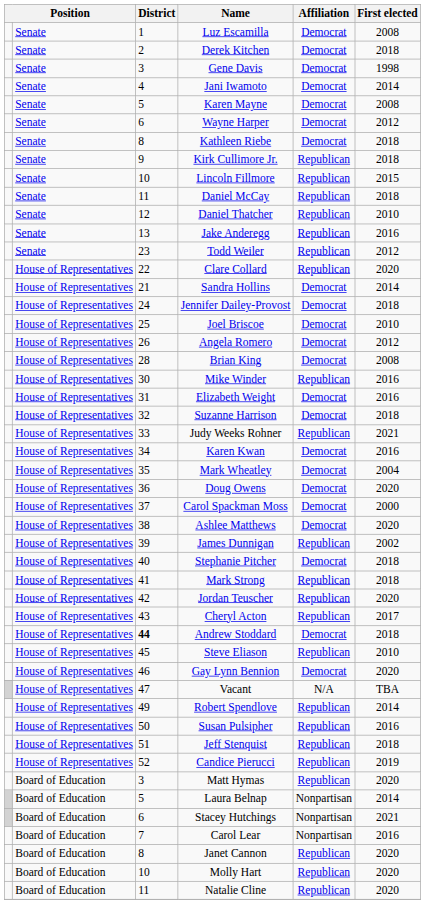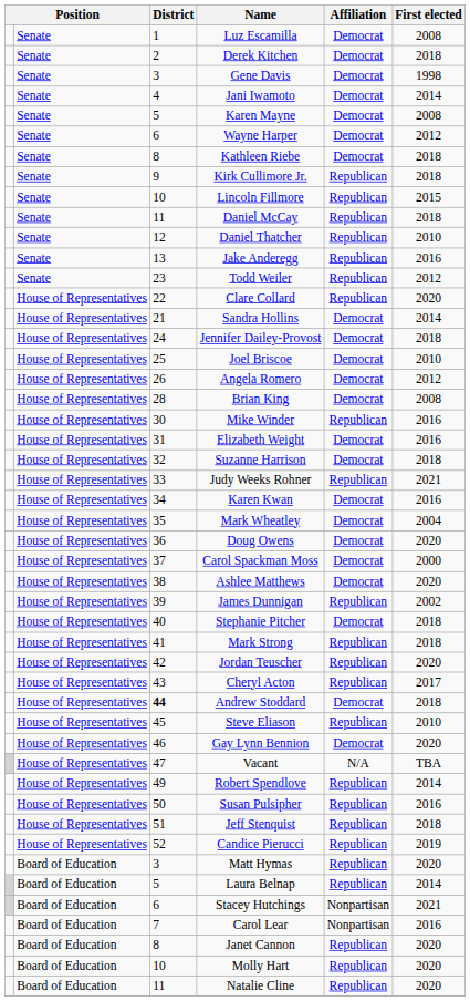 <table class="wikitable sortable">
 <tr>
 <th colspan="2" style="text-align:center; vertical-align:bottom;">Position</th>
 <th>District</th>
 <th style="text-align:center;">Name</th>
 <th valign="bottom">Affiliation</th>
 <th style="vertical-align:bottom; text-align:center;">First elected</th>
 </tr>
 <tr>
 <td style="background-color:"> </td>
 <td><a href='#'>Senate</a></td>
 <td>1</td>
 <td style="text-align:center;"><a href='#'>Luz Escamilla</a></td>
 <td style="text-align:center;"><a href='#'>Democrat</a></td>
 <td style="text-align:center;">2008</td>
 </tr>
 <tr>
 <td style="background-color:"> </td>
 <td><a href='#'>Senate</a></td>
 <td>2</td>
 <td style="text-align:center;"><a href='#'>Derek Kitchen</a></td>
 <td style="text-align:center;"><a href='#'>Democrat</a></td>
 <td style="text-align:center;">2018</td>
 </tr>
 <tr>
 <td style="background-color:"> </td>
 <td><a href='#'>Senate</a></td>
 <td>3</td>
 <td style="text-align:center;"><a href='#'>Gene Davis</a></td>
 <td style="text-align:center;"><a href='#'>Democrat</a></td>
 <td style="text-align:center;">1998</td>
 </tr>
 <tr>
 <td style="background-color:"> </td>
 <td><a href='#'>Senate</a></td>
 <td>4</td>
 <td style="text-align:center;"><a href='#'>Jani Iwamoto</a></td>
 <td style="text-align:center;"><a href='#'>Democrat</a></td>
 <td style="text-align:center;">2014</td>
 </tr>
 <tr>
 <td style="background-color:"> </td>
 <td><a href='#'>Senate</a></td>
 <td>5</td>
 <td style="text-align:center;"><a href='#'>Karen Mayne</a></td>
 <td style="text-align:center;"><a href='#'>Democrat</a></td>
 <td style="text-align:center;">2008</td>
 </tr>
 <tr>
 <td style="background-color:"> </td>
 <td><a href='#'>Senate</a></td>
 <td>6</td>
 <td style="text-align:center;"><a href='#'>Wayne Harper</a></td>
 <td style="text-align:center;"><a href='#'>Democrat</a></td>
 <td style="text-align:center;">2012</td>
 </tr>
 <tr>
 <td style="background-color:"> </td>
 <td><a href='#'>Senate</a></td>
 <td>8</td>
 <td style="text-align:center;"><a href='#'>Kathleen Riebe</a></td>
 <td style="text-align:center;"><a href='#'>Democrat</a></td>
 <td style="text-align:center;">2018</td>
 </tr>
 <tr>
 <td style="background-color:"> </td>
 <td><a href='#'>Senate</a></td>
 <td>9</td>
 <td style="text-align:center;"><a href='#'>Kirk Cullimore Jr.</a></td>
 <td style="text-align:center;"><a href='#'>Republican</a></td>
 <td style="text-align:center;">2018</td>
 </tr>
 <tr>
 <td style="background-color:"> </td>
 <td><a href='#'>Senate</a></td>
 <td>10</td>
 <td style="text-align:center;"><a href='#'>Lincoln Fillmore</a></td>
 <td style="text-align:center;"><a href='#'>Republican</a></td>
 <td style="text-align:center;">2015</td>
 </tr>
 <tr>
 <td style="background-color:"> </td>
 <td><a href='#'>Senate</a></td>
 <td>11</td>
 <td style="text-align:center;"><a href='#'>Daniel McCay</a></td>
 <td style="text-align:center;"><a href='#'>Republican</a></td>
 <td style="text-align:center;">2018</td>
 </tr>
 <tr>
 <td style="background-color:"> </td>
 <td><a href='#'>Senate</a></td>
 <td>12</td>
 <td style="text-align:center;"><a href='#'>Daniel Thatcher</a></td>
 <td style="text-align:center;"><a href='#'>Republican</a></td>
 <td style="text-align:center;">2010</td>
 </tr>
 <tr>
 <td style="background-color:"> </td>
 <td><a href='#'>Senate</a></td>
 <td>13</td>
 <td style="text-align:center;"><a href='#'>Jake Anderegg</a></td>
 <td style="text-align:center;"><a href='#'>Republican</a></td>
 <td style="text-align:center;">2016</td>
 </tr>
 <tr>
 <td style="background-color:"> </td>
 <td><a href='#'>Senate</a></td>
 <td>23</td>
 <td style="text-align:center;"><a href='#'>Todd Weiler</a></td>
 <td style="text-align:center;"><a href='#'>Republican</a></td>
 <td style="text-align:center;">2012</td>
 </tr>
 <tr>
 <td style="background-color:"> </td>
 <td><a href='#'>House of Representatives</a></td>
 <td>22</td>
 <td style="text-align:center;"><a href='#'>Clare Collard</a></td>
 <td style="text-align:center;"><a href='#'>Republican</a></td>
 <td style="text-align:center;">2020</td>
 </tr>
 <tr>
 <td style="background-color:"> </td>
 <td><a href='#'>House of Representatives</a></td>
 <td>21</td>
 <td style="text-align:center;"><a href='#'>Sandra Hollins</a></td>
 <td style="text-align:center;"><a href='#'>Democrat</a></td>
 <td style="text-align:center;">2014</td>
 </tr>
 <tr>
 <td style="background-color:"> </td>
 <td><a href='#'>House of Representatives</a></td>
 <td>24</td>
 <td style="text-align:center;"><a href='#'>Jennifer Dailey-Provost</a></td>
 <td style="text-align:center;"><a href='#'>Democrat</a></td>
 <td style="text-align:center;">2018</td>
 </tr>
 <tr>
 <td style="background-color:"> </td>
 <td><a href='#'>House of Representatives</a></td>
 <td>25</td>
 <td style="text-align:center;"><a href='#'>Joel Briscoe</a></td>
 <td style="text-align:center;"><a href='#'>Democrat</a></td>
 <td style="text-align:center;">2010</td>
 </tr>
 <tr>
 <td style="background-color:"> </td>
 <td><a href='#'>House of Representatives</a></td>
 <td>26</td>
 <td style="text-align:center;"><a href='#'>Angela Romero</a></td>
 <td style="text-align:center;"><a href='#'>Democrat</a></td>
 <td style="text-align:center;">2012</td>
 </tr>
 <tr>
 <td style="background-color:"> </td>
 <td><a href='#'>House of Representatives</a></td>
 <td>28</td>
 <td style="text-align:center;"><a href='#'>Brian King</a></td>
 <td style="text-align:center;"><a href='#'>Democrat</a></td>
 <td style="text-align:center;">2008</td>
 </tr>
 <tr>
 <td style="background-color:"> </td>
 <td><a href='#'>House of Representatives</a></td>
 <td>30</td>
 <td style="text-align:center;"><a href='#'>Mike Winder</a></td>
 <td style="text-align:center;"><a href='#'>Republican</a></td>
 <td style="text-align:center;">2016</td>
 </tr>
 <tr>
 <td style="background-color:"> </td>
 <td><a href='#'>House of Representatives</a></td>
 <td>31</td>
 <td style="text-align:center;"><a href='#'>Elizabeth Weight</a></td>
 <td style="text-align:center;"><a href='#'>Democrat</a></td>
 <td style="text-align:center;">2016</td>
 </tr>
 <tr>
 <td style="background-color:"> </td>
 <td><a href='#'>House of Representatives</a></td>
 <td>32</td>
 <td style="text-align:center;"><a href='#'>Suzanne Harrison</a></td>
 <td style="text-align:center;"><a href='#'>Democrat</a></td>
 <td style="text-align:center;">2018</td>
 </tr>
 <tr>
 <td style="background-color:"> </td>
 <td><a href='#'>House of Representatives</a></td>
 <td>33</td>
 <td style="text-align:center;">Judy Weeks Rohner</td>
 <td style="text-align:center;"><a href='#'>Republican</a></td>
 <td style="text-align:center;">2021</td>
 </tr>
 <tr>
 <td style="background-color:"> </td>
 <td><a href='#'>House of Representatives</a></td>
 <td>34</td>
 <td style="text-align:center;"><a href='#'>Karen Kwan</a></td>
 <td style="text-align:center;"><a href='#'>Democrat</a></td>
 <td style="text-align:center;">2016</td>
 </tr>
 <tr>
 <td style="background-color:"> </td>
 <td><a href='#'>House of Representatives</a></td>
 <td>35</td>
 <td style="text-align:center;"><a href='#'>Mark Wheatley</a></td>
 <td style="text-align:center;"><a href='#'>Democrat</a></td>
 <td style="text-align:center;">2004</td>
 </tr>
 <tr>
 <td style="background-color:"> </td>
 <td><a href='#'>House of Representatives</a></td>
 <td>36</td>
 <td style="text-align:center;"><a href='#'>Doug Owens</a></td>
 <td style="text-align:center;"><a href='#'>Democrat</a></td>
 <td style="text-align:center;">2020</td>
 </tr>
 <tr>
 <td style="background-color:"> </td>
 <td><a href='#'>House of Representatives</a></td>
 <td>37</td>
 <td style="text-align:center;"><a href='#'>Carol Spackman Moss</a></td>
 <td style="text-align:center;"><a href='#'>Democrat</a></td>
 <td style="text-align:center;">2000</td>
 </tr>
 <tr>
 <td style="background-color:"> </td>
 <td><a href='#'>House of Representatives</a></td>
 <td>38</td>
 <td style="text-align:center;"><a href='#'>Ashlee Matthews</a></td>
 <td style="text-align:center;"><a href='#'>Democrat</a></td>
 <td style="text-align:center;">2020</td>
 </tr>
 <tr>
 <td style="background-color:"> </td>
 <td><a href='#'>House of Representatives</a></td>
 <td>39</td>
 <td style="text-align:center;"><a href='#'>James Dunnigan</a></td>
 <td style="text-align:center;"><a href='#'>Republican</a></td>
 <td style="text-align:center;">2002</td>
 </tr>
 <tr>
 <td style="background-color:"> </td>
 <td><a href='#'>House of Representatives</a></td>
 <td>40</td>
 <td style="text-align:center;"><a href='#'>Stephanie Pitcher</a></td>
 <td style="text-align:center;"><a href='#'>Democrat</a></td>
 <td style="text-align:center;">2018</td>
 </tr>
 <tr>
 <td style="background-color:"> </td>
 <td><a href='#'>House of Representatives</a></td>
 <td>41</td>
 <td style="text-align:center;"><a href='#'>Mark Strong</a></td>
 <td style="text-align:center;"><a href='#'>Republican</a></td>
 <td style="text-align:center;">2018</td>
 </tr>
 <tr>
 <td style="background-color:"> </td>
 <td><a href='#'>House of Representatives</a></td>
 <td>42</td>
 <td style="text-align:center;"><a href='#'>Jordan Teuscher</a></td>
 <td style="text-align:center;"><a href='#'>Republican</a></td>
 <td style="text-align:center;">2020</td>
 </tr>
 <tr>
 <td style="background-color:"> </td>
 <td><a href='#'>House of Representatives</a></td>
 <td>43</td>
 <td style="text-align:center;"><a href='#'>Cheryl Acton</a></td>
 <td style="text-align:center;"><a href='#'>Republican</a></td>
 <td style="text-align:center;">2017</td>
 </tr>
 <tr>
 <td style="background-color:"> </td>
 <td><a href='#'>House of Representatives</a></td>
 <td><strong>44</strong></td>
 <td style="text-align:center;"><a href='#'>Andrew Stoddard</a></td>
 <td style="text-align:center;"><a href='#'>Democrat</a></td>
 <td style="text-align:center;">2018</td>
 </tr>
 <tr>
 <td style="background-color:"> </td>
 <td><a href='#'>House of Representatives</a></td>
 <td>45</td>
 <td style="text-align:center;"><a href='#'>Steve Eliason</a></td>
 <td style="text-align:center;"><a href='#'>Republican</a></td>
 <td style="text-align:center;">2010</td>
 </tr>
 <tr>
 <td style="background-color:"> </td>
 <td><a href='#'>House of Representatives</a></td>
 <td>46</td>
 <td style="text-align:center;"><a href='#'>Gay Lynn Bennion</a></td>
 <td style="text-align:center;"><a href='#'>Democrat</a></td>
 <td style="text-align:center;">2020</td>
 </tr>
 <tr>
 <td style="background-color:lightgrey"> </td>
 <td><a href='#'>House of Representatives</a></td>
 <td>47</td>
 <td style="text-align:center;">Vacant</td>
 <td style="text-align:center;">N/A</td>
 <td style="text-align:center;">TBA</td>
 </tr>
 <tr>
 <td style="background-color:"> </td>
 <td><a href='#'>House of Representatives</a></td>
 <td>49</td>
 <td style="text-align:center;"><a href='#'>Robert Spendlove</a></td>
 <td style="text-align:center;"><a href='#'>Republican</a></td>
 <td style="text-align:center;">2014</td>
 </tr>
 <tr>
 <td style="background-color:"> </td>
 <td><a href='#'>House of Representatives</a></td>
 <td>50</td>
 <td style="text-align:center;"><a href='#'>Susan Pulsipher</a></td>
 <td style="text-align:center;"><a href='#'>Republican</a></td>
 <td style="text-align:center;">2016</td>
 </tr>
 <tr>
 <td style="background-color:"> </td>
 <td><a href='#'>House of Representatives</a></td>
 <td>51</td>
 <td style="text-align:center;"><a href='#'>Jeff Stenquist</a></td>
 <td style="text-align:center;"><a href='#'>Republican</a></td>
 <td style="text-align:center;">2018</td>
 </tr>
 <tr>
 <td style="background-color:"> </td>
 <td><a href='#'>House of Representatives</a></td>
 <td>52</td>
 <td style="text-align:center;"><a href='#'>Candice Pierucci</a></td>
 <td style="text-align:center;"><a href='#'>Republican</a></td>
 <td style="text-align:center;">2019</td>
 </tr>
 <tr>
 <td style="background-color:"> </td>
 <td>Board of Education</td>
 <td>3</td>
 <td style="text-align:center;">Matt Hymas</td>
 <td style="text-align:center;"><a href='#'>Republican</a></td>
 <td style="text-align:center;">2020</td>
 </tr>
 <tr>
 <td style="background-color:lightgrey"> </td>
 <td>Board of Education</td>
 <td>5</td>
 <td style="text-align:center;">Laura Belnap</td>
-<td style="text-align:center;">Nonpartisan</td>
+<td style="text-align:center;"><a href='#'>Republican</a></td>
 <td style="text-align:center;">2014</td>
 </tr>
 <tr>
 <td style="background-color:lightgrey"> </td>
 <td>Board of Education</td>
 <td>6</td>
 <td style="text-align:center;">Stacey Hutchings</td>
 <td style="text-align:center;">Nonpartisan</td>
 <td style="text-align:center;">2021</td>
 </tr>
 <tr>
 <td style="background-color:"> </td>
 <td>Board of Education</td>
 <td>7</td>
 <td style="text-align:center;">Carol Lear</td>
 <td style="text-align:center;">Nonpartisan</td>
 <td style="text-align:center;">2016</td>
 </tr>
 <tr>
 <td style="background-color:"> </td>
 <td>Board of Education</td>
 <td>8</td>
 <td style="text-align:center;">Janet Cannon</td>
 <td style="text-align:center;"><a href='#'>Republican</a></td>
 <td style="text-align:center;">2020</td>
 </tr>
 <tr>
 <td style="background-color:"> </td>
 <td>Board of Education</td>
 <td>10</td>
 <td style="text-align:center;">Molly Hart</td>
 <td style="text-align:center;"><a href='#'>Republican</a></td>
 <td style="text-align:center;">2020</td>
 </tr>
 <tr>
 <td style="background-color:"> </td>
 <td>Board of Education</td>
 <td>11</td>
 <td style="text-align:center;">Natalie Cline</td>
 <td style="text-align:center;"><a href='#'>Republican</a></td>
 <td style="text-align:center;">2020</td>
 </tr>
 <tr>
 </tr>
 </table>
